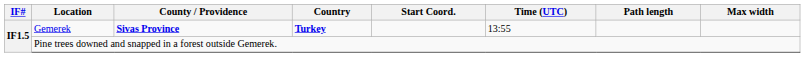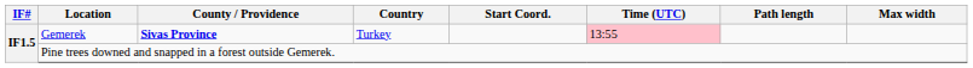 <table class="wikitable sortable" style="width:100%;">
 <tr>
 <th scope="col" width="2%" align="center"><a href='#'>IF#</a></th>
 <th scope="col" align="center" class="unsortable">Location</th>
 <th scope="col" align="center" class="unsortable">County / Providence</th>
 <th scope="col" align="center">Country</th>
 <th scope="col" align="center">Start Coord.</th>
 <th scope="col" align="center">Time (<a href='#'>UTC</a>)</th>
 <th scope="col" align="center">Path length</th>
 <th scope="col" align="center">Max width</th>
 </tr>
 <tr>
 <th scope="row" rowspan="2" style="background-color:#">IF1.5</th>
 <td><a href='#'>Gemerek</a></td>
 <td><strong><a href='#'>Sivas Province</a></strong></td>
-<td><strong><a href='#'>Turkey</a></strong></td>
+<td><a href='#'>Turkey</a></td>
 <td></td>
-<td>13:55</td>
+<td style="background: pink;">13:55</td>
 <td></td>
 <td></td>
 </tr>
 <tr class="expand-child">
 <td colspan="8" style=" border-bottom: 1px solid black;">Pine trees downed and snapped in a forest outside Gemerek.</td>
 </tr>
 </table>
